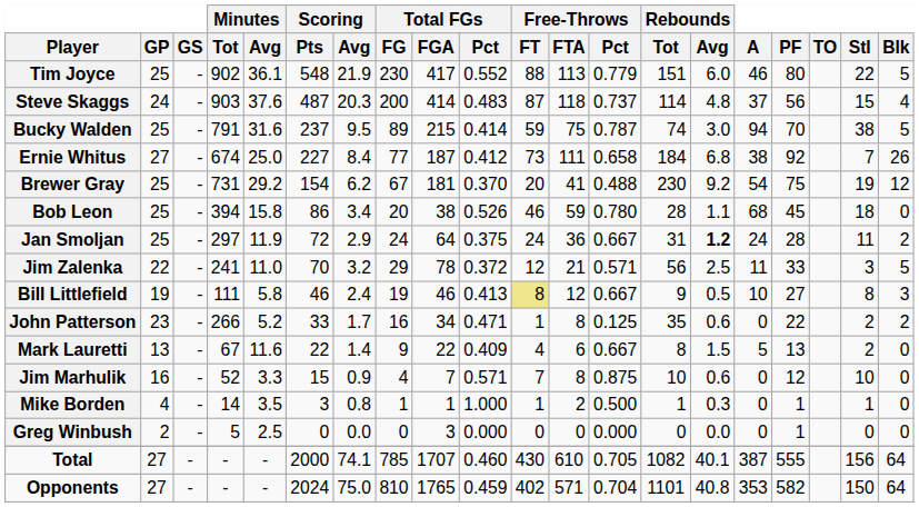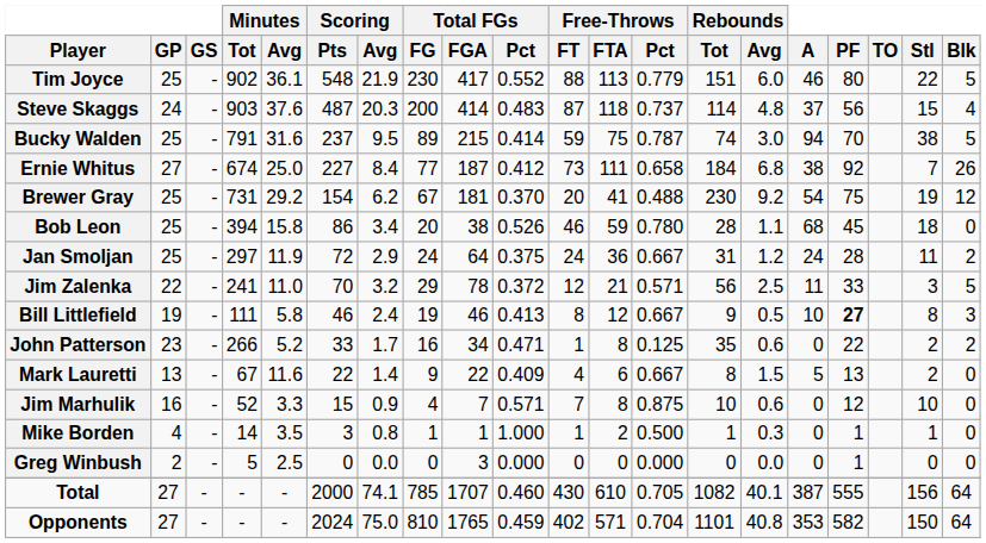 <table class="wikitable sortable" border="1" style="font-size:90%;">
 <tr>
 <th colspan="3" style="border-top-style:hidden; border-left-style:hidden; background: white;"></th>
 <th colspan="2" style=>Minutes</th>
 <th colspan="2" style=>Scoring</th>
 <th colspan="3" style=>Total FGs</th>
 <th colspan="3" style=>Free-Throws</th>
 <th colspan="2" style=>Rebounds</th>
 <th colspan="5" style="border-top-style:hidden; border-right-style:hidden; background: white;"></th>
 </tr>
 <tr>
 <th scope="col" style=>Player</th>
 <th scope="col" style=>GP</th>
 <th scope="col" style=>GS</th>
 <th scope="col" style=>Tot</th>
 <th scope="col" style=>Avg</th>
 <th scope="col" style=>Pts</th>
 <th scope="col" style=>Avg</th>
 <th scope="col" style=>FG</th>
 <th scope="col" style=>FGA</th>
 <th scope="col" style=>Pct</th>
 <th scope="col" style=>FT</th>
 <th scope="col" style=>FTA</th>
 <th scope="col" style=>Pct</th>
 <th scope="col" style=>Tot</th>
 <th scope="col" style=>Avg</th>
 <th scope="col" style=>A</th>
 <th scope="col" style=>PF</th>
 <th scope="col" style=>TO</th>
 <th scope="col" style=>Stl</th>
 <th scope="col" style=>Blk</th>
 </tr>
 <tr>
 <th>Tim Joyce</th>
 <td align="right">25</td>
 <td align="right">-</td>
 <td align="right">902</td>
 <td align="right">36.1</td>
 <td align="right">548</td>
 <td align="right">21.9</td>
 <td align="right">230</td>
 <td align="right">417</td>
 <td align="right">0.552</td>
 <td align="right">88</td>
 <td align="right">113</td>
 <td align="right">0.779</td>
 <td align="right">151</td>
 <td align="right">6.0</td>
 <td align="right">46</td>
 <td align="right">80</td>
 <td align="right"></td>
 <td align="right">22</td>
 <td align="right">5</td>
 </tr>
 <tr>
 <th>Steve Skaggs</th>
 <td align="right">24</td>
 <td align="right">-</td>
 <td align="right">903</td>
 <td align="right">37.6</td>
 <td align="right">487</td>
 <td align="right">20.3</td>
 <td align="right">200</td>
 <td align="right">414</td>
 <td align="right">0.483</td>
 <td align="right">87</td>
 <td align="right">118</td>
 <td align="right">0.737</td>
 <td align="right">114</td>
 <td align="right">4.8</td>
 <td align="right">37</td>
 <td align="right">56</td>
 <td align="right"></td>
 <td align="right">15</td>
 <td align="right">4</td>
 </tr>
 <tr>
 <th>Bucky Walden</th>
 <td align="right">25</td>
 <td align="right">-</td>
 <td align="right">791</td>
 <td align="right">31.6</td>
 <td align="right">237</td>
 <td align="right">9.5</td>
 <td align="right">89</td>
 <td align="right">215</td>
 <td align="right">0.414</td>
 <td align="right">59</td>
 <td align="right">75</td>
 <td align="right">0.787</td>
 <td align="right">74</td>
 <td align="right">3.0</td>
 <td align="right">94</td>
 <td align="right">70</td>
 <td align="right"></td>
 <td align="right">38</td>
 <td align="right">5</td>
 </tr>
 <tr>
 <th>Ernie Whitus</th>
 <td align="right">27</td>
 <td align="right">-</td>
 <td align="right">674</td>
 <td align="right">25.0</td>
 <td align="right">227</td>
 <td align="right">8.4</td>
 <td align="right">77</td>
 <td align="right">187</td>
 <td align="right">0.412</td>
 <td align="right">73</td>
 <td align="right">111</td>
 <td align="right">0.658</td>
 <td align="right">184</td>
 <td align="right">6.8</td>
 <td align="right">38</td>
 <td align="right">92</td>
 <td align="right"></td>
 <td align="right">7</td>
 <td align="right">26</td>
 </tr>
 <tr>
 <th>Brewer Gray</th>
 <td align="right">25</td>
 <td align="right">-</td>
 <td align="right">731</td>
 <td align="right">29.2</td>
 <td align="right">154</td>
 <td align="right">6.2</td>
 <td align="right">67</td>
 <td align="right">181</td>
 <td align="right">0.370</td>
 <td align="right">20</td>
 <td align="right">41</td>
 <td align="right">0.488</td>
 <td align="right">230</td>
 <td align="right">9.2</td>
 <td align="right">54</td>
 <td align="right">75</td>
 <td align="right"></td>
 <td align="right">19</td>
 <td align="right">12</td>
 </tr>
 <tr>
 <th>Bob Leon</th>
 <td align="right">25</td>
 <td align="right">-</td>
 <td align="right">394</td>
 <td align="right">15.8</td>
 <td align="right">86</td>
 <td align="right">3.4</td>
 <td align="right">20</td>
 <td align="right">38</td>
 <td align="right">0.526</td>
 <td align="right">46</td>
 <td align="right">59</td>
 <td align="right">0.780</td>
 <td align="right">28</td>
 <td align="right">1.1</td>
 <td align="right">68</td>
 <td align="right">45</td>
 <td align="right"></td>
 <td align="right">18</td>
 <td align="right">0</td>
 </tr>
 <tr>
 <th>Jan Smoljan</th>
 <td align="right">25</td>
 <td align="right">-</td>
 <td align="right">297</td>
 <td align="right">11.9</td>
 <td align="right">72</td>
 <td align="right">2.9</td>
 <td align="right">24</td>
 <td align="right">64</td>
 <td align="right">0.375</td>
 <td align="right">24</td>
 <td align="right">36</td>
 <td align="right">0.667</td>
 <td align="right">31</td>
-<td align="right"><strong>1.2</strong></td>
+<td align="right">1.2</td>
 <td align="right">24</td>
 <td align="right">28</td>
 <td align="right"></td>
 <td align="right">11</td>
 <td align="right">2</td>
 </tr>
 <tr>
 <th>Jim Zalenka</th>
 <td align="right">22</td>
 <td align="right">-</td>
 <td align="right">241</td>
 <td align="right">11.0</td>
 <td align="right">70</td>
 <td align="right">3.2</td>
 <td align="right">29</td>
 <td align="right">78</td>
 <td align="right">0.372</td>
 <td align="right">12</td>
 <td align="right">21</td>
 <td align="right">0.571</td>
 <td align="right">56</td>
 <td align="right">2.5</td>
 <td align="right">11</td>
 <td align="right">33</td>
 <td align="right"></td>
 <td align="right">3</td>
 <td align="right">5</td>
 </tr>
 <tr>
 <th>Bill Littlefield</th>
 <td align="right">19</td>
 <td align="right">-</td>
 <td align="right">111</td>
 <td align="right">5.8</td>
 <td align="right">46</td>
 <td align="right">2.4</td>
 <td align="right">19</td>
 <td align="right">46</td>
 <td align="right">0.413</td>
-<td align="right" style="background: khaki;">8</td>
+<td align="right">8</td>
 <td align="right">12</td>
 <td align="right">0.667</td>
 <td align="right">9</td>
 <td align="right">0.5</td>
 <td align="right">10</td>
-<td align="right">27</td>
+<td align="right"><strong>27</strong></td>
 <td align="right"></td>
 <td align="right">8</td>
 <td align="right">3</td>
 </tr>
 <tr>
 <th>John Patterson</th>
 <td align="right">23</td>
 <td align="right">-</td>
 <td align="right">266</td>
 <td align="right">5.2</td>
 <td align="right">33</td>
 <td align="right">1.7</td>
 <td align="right">16</td>
 <td align="right">34</td>
 <td align="right">0.471</td>
 <td align="right">1</td>
 <td align="right">8</td>
 <td align="right">0.125</td>
 <td align="right">35</td>
 <td align="right">0.6</td>
 <td align="right">0</td>
 <td align="right">22</td>
 <td align="right"></td>
 <td align="right">2</td>
 <td align="right">2</td>
 </tr>
 <tr>
 <th>Mark Lauretti</th>
 <td align="right">13</td>
 <td align="right">-</td>
 <td align="right">67</td>
 <td align="right">11.6</td>
 <td align="right">22</td>
 <td align="right">1.4</td>
 <td align="right">9</td>
 <td align="right">22</td>
 <td align="right">0.409</td>
 <td align="right">4</td>
 <td align="right">6</td>
 <td align="right">0.667</td>
 <td align="right">8</td>
 <td align="right">1.5</td>
 <td align="right">5</td>
 <td align="right">13</td>
 <td align="right"></td>
 <td align="right">2</td>
 <td align="right">0</td>
 </tr>
 <tr>
 <th>Jim Marhulik</th>
 <td align="right">16</td>
 <td align="right">-</td>
 <td align="right">52</td>
 <td align="right">3.3</td>
 <td align="right">15</td>
 <td align="right">0.9</td>
 <td align="right">4</td>
 <td align="right">7</td>
 <td align="right">0.571</td>
 <td align="right">7</td>
 <td align="right">8</td>
 <td align="right">0.875</td>
 <td align="right">10</td>
 <td align="right">0.6</td>
 <td align="right">0</td>
 <td align="right">12</td>
 <td align="right"></td>
 <td align="right">10</td>
 <td align="right">0</td>
 </tr>
 <tr>
 <th>Mike Borden</th>
 <td align="right">4</td>
 <td align="right">-</td>
 <td align="right">14</td>
 <td align="right">3.5</td>
 <td align="right">3</td>
 <td align="right">0.8</td>
 <td align="right">1</td>
 <td align="right">1</td>
 <td align="right">1.000</td>
 <td align="right">1</td>
 <td align="right">2</td>
 <td align="right">0.500</td>
 <td align="right">1</td>
 <td align="right">0.3</td>
 <td align="right">0</td>
 <td align="right">1</td>
 <td align="right"></td>
 <td align="right">1</td>
 <td align="right">0</td>
 </tr>
 <tr>
 <th>Greg Winbush</th>
 <td align="right">2</td>
 <td align="right">-</td>
 <td align="right">5</td>
 <td align="right">2.5</td>
 <td align="right">0</td>
 <td align="right">0.0</td>
 <td align="right">0</td>
 <td align="right">3</td>
 <td align="right">0.000</td>
 <td align="right">0</td>
 <td align="right">0</td>
 <td align="right">0.000</td>
 <td align="right">0</td>
 <td align="right">0.0</td>
 <td align="right">0</td>
 <td align="right">1</td>
 <td align="right"></td>
 <td align="right">0</td>
 <td align="right">0</td>
 </tr>
 <tr>
 </tr>
 <tr class="sortbottom">
 <td align="center" style=><strong>Total</strong></td>
 <td align="center" style=>27</td>
 <td align="center" style=>-</td>
 <td align="center" style=>-</td>
 <td align="center" style=>-</td>
 <td align="center" style=>2000</td>
 <td align="center" style=>74.1</td>
 <td align="center" style=>785</td>
 <td align="center" style=>1707</td>
 <td align="center" style=>0.460</td>
 <td align="center" style=>430</td>
 <td align="center" style=>610</td>
 <td align="center" style=>0.705</td>
 <td align="center" style=>1082</td>
 <td align="center" style=>40.1</td>
 <td align="center" style=>387</td>
 <td align="center" style=>555</td>
 <td align="center" style=></td>
 <td align="center" style=>156</td>
 <td align="center" style=>64</td>
 </tr>
 <tr class="sortbottom">
 <td align="center"><strong>Opponents</strong></td>
 <td align="center">27</td>
 <td align="center">-</td>
 <td align="center">-</td>
 <td align="center">-</td>
 <td align="center">2024</td>
 <td align="center">75.0</td>
 <td align="center">810</td>
 <td align="center">1765</td>
 <td align="center">0.459</td>
 <td align="center">402</td>
 <td align="center">571</td>
 <td align="center">0.704</td>
 <td align="center">1101</td>
 <td align="center">40.8</td>
 <td align="center">353</td>
 <td align="center">582</td>
 <td align="center"></td>
 <td align="center">150</td>
 <td align="center">64</td>
 </tr>
 </table>
